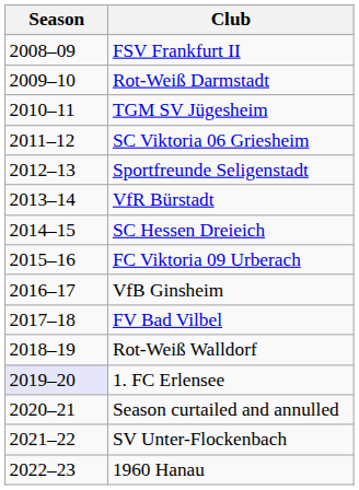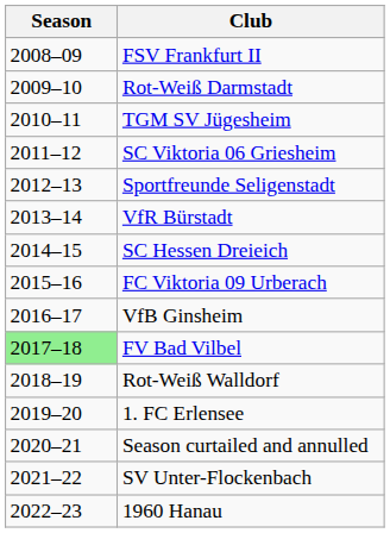 <table class="wikitable">
 <tr align="center" bgcolor="#dfdfdf">
 <th width="80">Season</th>
 <th width="200">Club</th>
 </tr>
 <tr>
 <td>2008–09</td>
 <td><a href='#'>FSV Frankfurt II</a></td>
 </tr>
 <tr>
 <td>2009–10</td>
 <td><a href='#'>Rot-Weiß Darmstadt</a></td>
 </tr>
 <tr>
 <td>2010–11</td>
 <td><a href='#'>TGM SV Jügesheim</a></td>
 </tr>
 <tr>
 <td>2011–12</td>
 <td><a href='#'>SC Viktoria 06 Griesheim</a></td>
 </tr>
 <tr>
 <td>2012–13</td>
 <td><a href='#'>Sportfreunde Seligenstadt</a></td>
 </tr>
 <tr>
 <td>2013–14</td>
 <td><a href='#'>VfR Bürstadt</a></td>
 </tr>
 <tr>
 <td>2014–15</td>
 <td><a href='#'>SC Hessen Dreieich</a></td>
 </tr>
 <tr>
 <td>2015–16</td>
 <td><a href='#'>FC Viktoria 09 Urberach</a></td>
 </tr>
 <tr>
 <td>2016–17</td>
 <td>VfB Ginsheim</td>
 </tr>
 <tr>
-<td>2017–18</td>
+<td style="background: lightgreen;">2017–18</td>
 <td><a href='#'>FV Bad Vilbel</a></td>
 </tr>
 <tr>
 <td>2018–19</td>
 <td>Rot-Weiß Walldorf</td>
 </tr>
 <tr>
-<td style="background: lavender;">2019–20</td>
+<td>2019–20</td>
 <td>1. FC Erlensee</td>
 </tr>
 <tr>
 <td>2020–21</td>
 <td>Season curtailed and annulled</td>
 </tr>
 <tr>
 <td>2021–22</td>
 <td>SV Unter-Flockenbach</td>
 </tr>
 <tr>
 <td>2022–23</td>
 <td>1960 Hanau</td>
 </tr>
 </table>
